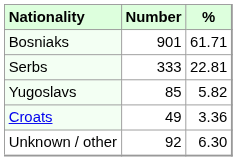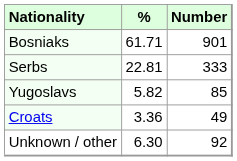 <table border=1 cellpadding=4 cellspacing=0 class="toccolours" style="align: left; margin: 0.5em 0 0 0; border-style: solid; border: 1px solid #999; border-right-width: 2px; border-bottom-width: 2px; border-collapse: collapse; font-size: 100%;">
 <tr>
 <td style="background:#ddffdd;"><strong>Nationality</strong></td>
+<td colspan=1 style="background:#ddffdd;" align="center"><strong>%</strong></td>
 <td colspan=1 style="background:#ddffdd;" align="center"><strong>Number</strong></td>
-<td colspan=1 style="background:#ddffdd;" align="center"><strong>%</strong></td>
 </tr>
 <tr>
 <td style="background:#f3fff3;">Bosniaks</td>
+<td align="right">61.71</td>
 <td align="right">901</td>
-<td align="right">61.71</td>
 </tr>
 <tr>
 <td style="background:#f3fff3;">Serbs</td>
+<td align="right">22.81</td>
 <td align="right">333</td>
-<td align="right">22.81</td>
 </tr>
 <tr>
 <td style="background:#f3fff3;">Yugoslavs</td>
+<td align="right">5.82</td>
 <td align="right">85</td>
-<td align="right">5.82</td>
 </tr>
 <tr>
 <td style="background:#f3fff3;"><a href='#'>Croats</a></td>
+<td align="right">3.36</td>
 <td align="right">49</td>
-<td align="right">3.36</td>
 </tr>
 <tr>
 <td>Unknown / other</td>
+<td align="right">6.30</td>
 <td align="right">92</td>
-<td align="right">6.30</td>
 </tr>
 </table>
